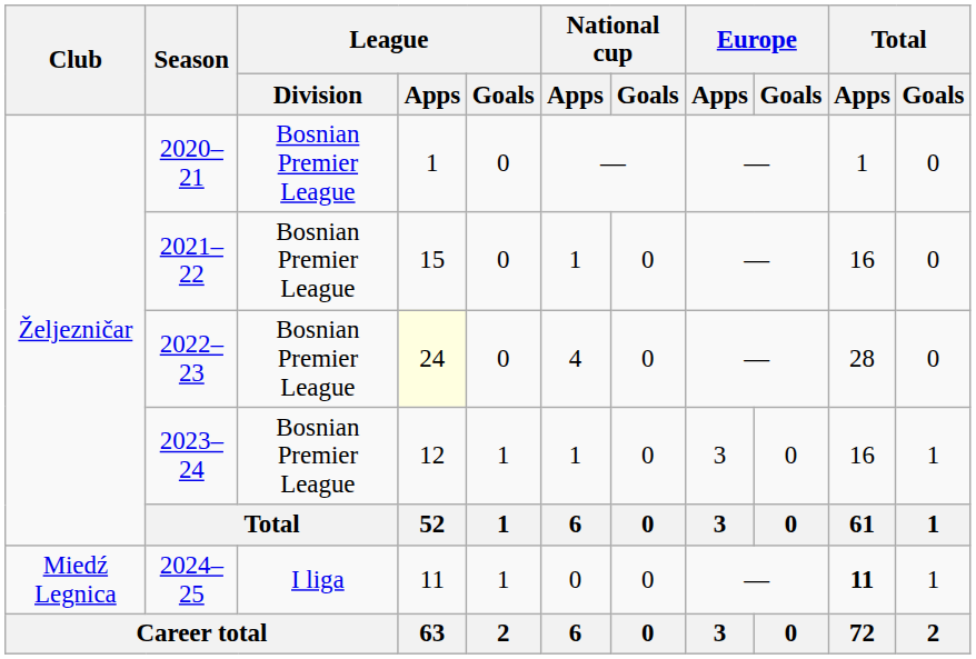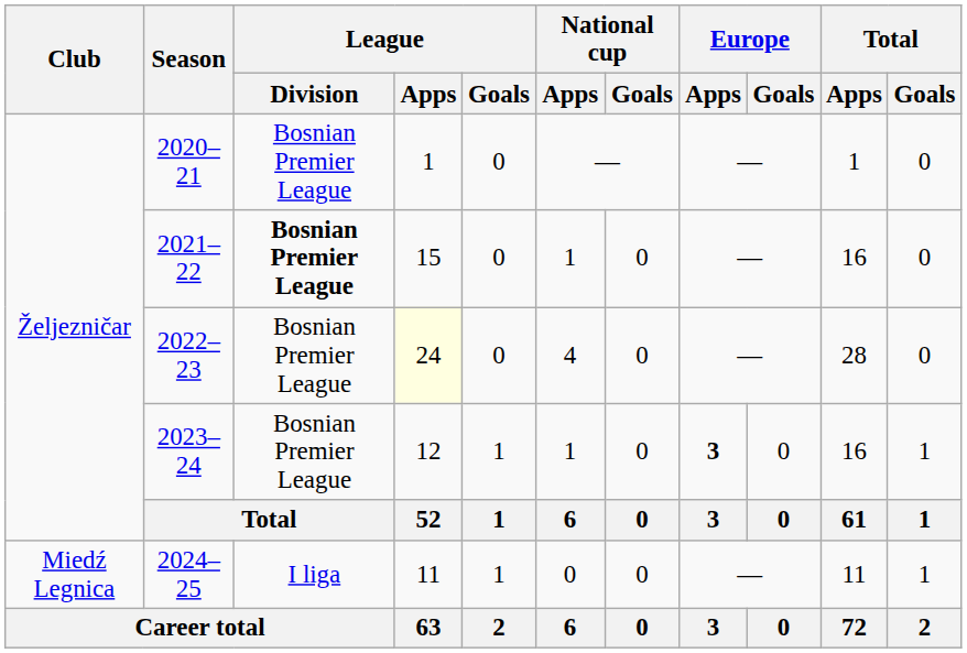 <table class="wikitable" style="text-align: center;">
 <tr>
 <th rowspan="2">Club</th>
 <th rowspan="2">Season</th>
 <th colspan="3">League</th>
 <th colspan="2">National cup</th>
 <th colspan="2"><a href='#'>Europe</a></th>
 <th colspan="2">Total</th>
 </tr>
 <tr>
 <th>Division</th>
 <th>Apps</th>
 <th>Goals</th>
 <th>Apps</th>
 <th>Goals</th>
 <th>Apps</th>
 <th>Goals</th>
 <th>Apps</th>
 <th>Goals</th>
 </tr>
 <tr>
 <td rowspan="5"><a href='#'>Željezničar</a></td>
 <td><a href='#'>2020–21</a></td>
 <td><a href='#'>Bosnian Premier League</a></td>
 <td>1</td>
 <td>0</td>
 <td colspan="2">—</td>
 <td colspan="2">—</td>
 <td>1</td>
 <td>0</td>
 </tr>
 <tr>
 <td><a href='#'>2021–22</a></td>
-<td>Bosnian Premier League</td>
+<td><strong>Bosnian Premier League</strong></td>
 <td>15</td>
 <td>0</td>
 <td>1</td>
 <td>0</td>
 <td colspan="2">—</td>
 <td>16</td>
 <td>0</td>
 </tr>
 <tr>
 <td><a href='#'>2022–23</a></td>
 <td>Bosnian Premier League</td>
 <td style="background: lightyellow;">24</td>
 <td>0</td>
 <td>4</td>
 <td>0</td>
 <td colspan="2">—</td>
 <td>28</td>
 <td>0</td>
 </tr>
 <tr>
 <td><a href='#'>2023–24</a></td>
 <td>Bosnian Premier League</td>
 <td>12</td>
 <td>1</td>
 <td>1</td>
 <td>0</td>
-<td>3</td>
+<td><strong>3</strong></td>
 <td>0</td>
 <td>16</td>
 <td>1</td>
 </tr>
 <tr>
 <th colspan="2">Total</th>
 <th>52</th>
 <th>1</th>
 <th>6</th>
 <th>0</th>
 <th>3</th>
 <th>0</th>
 <th>61</th>
 <th>1</th>
 </tr>
 <tr>
 <td><a href='#'>Miedź Legnica</a></td>
 <td><a href='#'>2024–25</a></td>
 <td><a href='#'>I liga</a></td>
 <td>11</td>
 <td>1</td>
 <td>0</td>
 <td>0</td>
 <td colspan="2">—</td>
-<td><strong>11</strong></td>
+<td>11</td>
 <td>1</td>
 </tr>
 <tr>
 <th colspan="3">Career total</th>
 <th>63</th>
 <th>2</th>
 <th>6</th>
 <th>0</th>
 <th>3</th>
 <th>0</th>
 <th>72</th>
 <th>2</th>
 </tr>
 </table>
